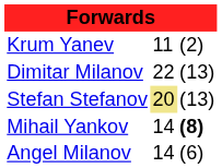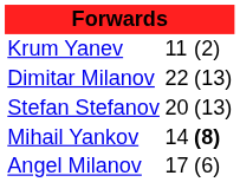 <table class="toccolours" border="0" cellpadding="2" cellspacing="0" align="left" style="margin:0.5em;">
 <tr>
 <th colspan="4" align="center" bgcolor="#FF2020"><span>Forwards</span></th>
 </tr>
 <tr>
 <td> <a href='#'>Krum Yanev</a></td>
 <td>11</td>
 <td>(2)</td>
 </tr>
 <tr>
 <td> <a href='#'>Dimitar Milanov</a></td>
 <td>22</td>
 <td>(13)</td>
 </tr>
 <tr>
 <td> <a href='#'>Stefan Stefanov</a></td>
-<td style="background: khaki;">20</td>
+<td>20</td>
 <td>(13)</td>
 </tr>
 <tr>
 <td> <a href='#'>Mihail Yankov</a></td>
 <td>14</td>
 <td><strong>(8)</strong></td>
 </tr>
 <tr>
 <td> <a href='#'>Angel Milanov</a></td>
-<td>14</td>
+<td>17</td>
 <td>(6)</td>
 </tr>
 <tr>
 </tr>
 </table>
